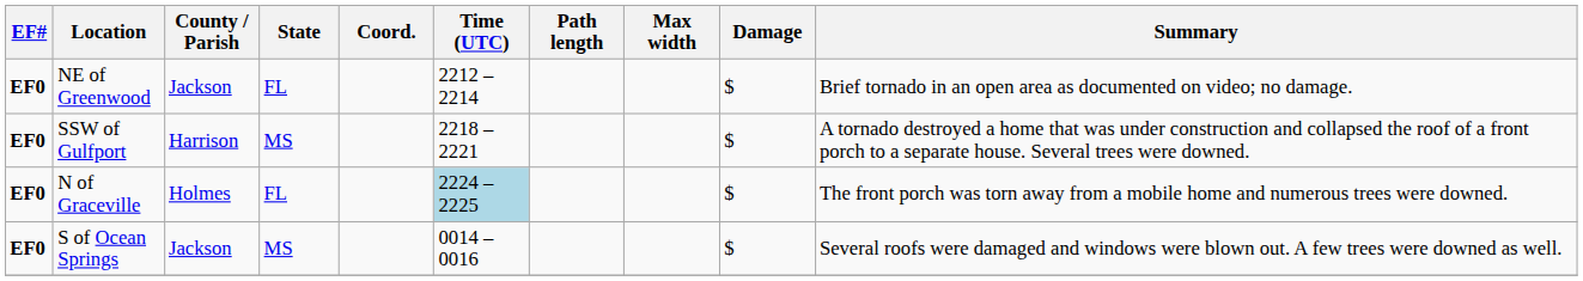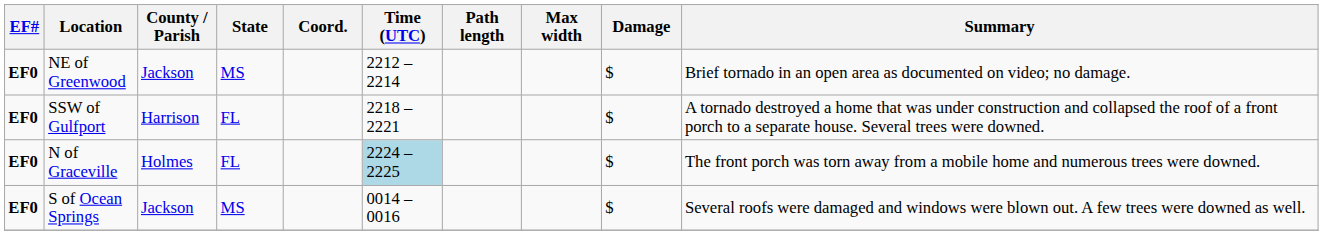 <table class="wikitable sortable" style="width:100%;">
 <tr>
 <th scope="col" width="3%" align="center"><a href='#'>EF#</a></th>
 <th scope="col" width="7%" align="center" class="unsortable">Location</th>
 <th scope="col" width="6%" align="center" class="unsortable">County / Parish</th>
 <th scope="col" width="5%" align="center">State</th>
 <th scope="col" width="6%" align="center">Coord.</th>
 <th scope="col" width="6%" align="center">Time (<a href='#'>UTC</a>)</th>
 <th scope="col" width="6%" align="center">Path length</th>
 <th scope="col" width="6%" align="center">Max width</th>
 <th scope="col" width="6%" align="center">Damage</th>
 <th scope="col" width="48%" class="unsortable" align="center">Summary</th>
 </tr>
 <tr>
 <td><strong>EF0</strong></td>
 <td>NE of <a href='#'>Greenwood</a></td>
 <td><a href='#'>Jackson</a></td>
-<td><a href='#'>FL</a></td>
+<td><a href='#'>MS</a></td>
 <td></td>
 <td>2212 – 2214</td>
 <td></td>
 <td></td>
 <td>$</td>
 <td>Brief tornado in an open area as documented on video; no damage.</td>
 </tr>
 <tr>
 <td><strong>EF0</strong></td>
 <td>SSW of <a href='#'>Gulfport</a></td>
 <td><a href='#'>Harrison</a></td>
-<td><a href='#'>MS</a></td>
+<td><a href='#'>FL</a></td>
 <td></td>
 <td>2218 – 2221</td>
 <td></td>
 <td></td>
 <td>$</td>
 <td>A tornado destroyed a home that was under construction and collapsed the roof of a front porch to a separate house. Several trees were downed.</td>
 </tr>
 <tr>
 <td><strong>EF0</strong></td>
 <td>N of <a href='#'>Graceville</a></td>
 <td><a href='#'>Holmes</a></td>
 <td><a href='#'>FL</a></td>
 <td></td>
 <td style="background: lightblue;">2224 – 2225</td>
 <td></td>
 <td></td>
 <td>$</td>
 <td>The front porch was torn away from a mobile home and numerous trees were downed.</td>
 </tr>
 <tr>
 <td><strong>EF0</strong></td>
 <td>S of <a href='#'>Ocean Springs</a></td>
 <td><a href='#'>Jackson</a></td>
 <td><a href='#'>MS</a></td>
 <td></td>
 <td>0014 – 0016</td>
 <td></td>
 <td></td>
 <td>$</td>
 <td>Several roofs were damaged and windows were blown out. A few trees were downed as well.</td>
 </tr>
 <tr>
 </tr>
 </table>
